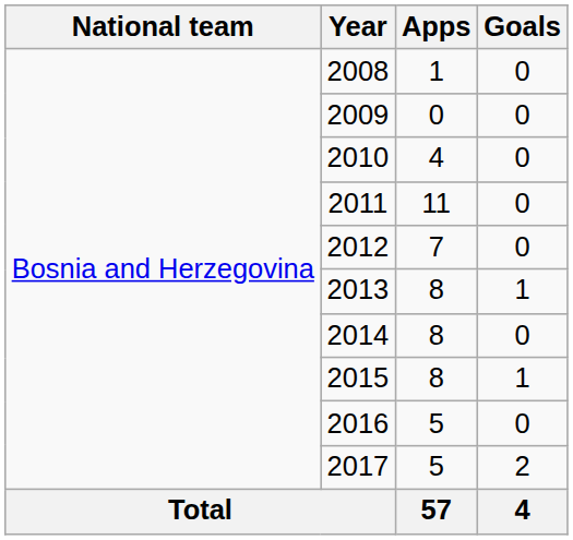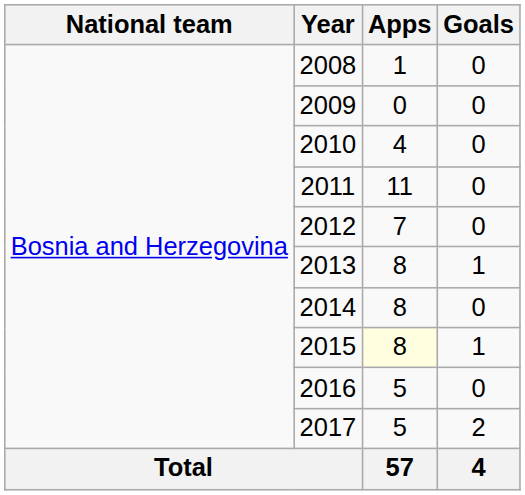 <table class="wikitable" style="text-align:center">
 <tr>
 <th>National team</th>
 <th>Year</th>
 <th>Apps</th>
 <th>Goals</th>
 </tr>
 <tr>
 <td rowspan="10"><a href='#'>Bosnia and Herzegovina</a></td>
 <td>2008</td>
 <td>1</td>
 <td>0</td>
 </tr>
 <tr>
 <td>2009</td>
 <td>0</td>
 <td>0</td>
 </tr>
 <tr>
 <td>2010</td>
 <td>4</td>
 <td>0</td>
 </tr>
 <tr>
 <td>2011</td>
 <td>11</td>
 <td>0</td>
 </tr>
 <tr>
 <td>2012</td>
 <td>7</td>
 <td>0</td>
 </tr>
 <tr>
 <td>2013</td>
 <td>8</td>
 <td>1</td>
 </tr>
 <tr>
 <td>2014</td>
 <td>8</td>
 <td>0</td>
 </tr>
 <tr>
 <td>2015</td>
-<td>8</td>
+<td style="background: lightyellow;">8</td>
 <td>1</td>
 </tr>
 <tr>
 <td>2016</td>
 <td>5</td>
 <td>0</td>
 </tr>
 <tr>
 <td>2017</td>
 <td>5</td>
 <td>2</td>
 </tr>
 <tr>
 <th colspan="2">Total</th>
 <th>57</th>
 <th>4</th>
 </tr>
 </table>
